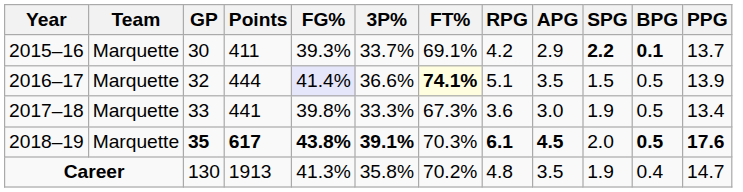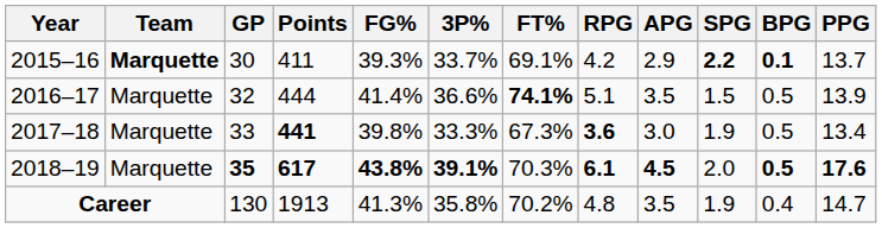 <table class="wikitable">
 <tr>
 <th>Year</th>
 <th>Team</th>
 <th>GP</th>
 <th>Points</th>
 <th>FG%</th>
 <th>3P%</th>
 <th>FT%</th>
 <th>RPG</th>
 <th>APG</th>
 <th>SPG</th>
 <th>BPG</th>
 <th>PPG</th>
 </tr>
 <tr>
 <td>2015–16</td>
-<td>Marquette</td>
+<td><strong>Marquette</strong></td>
 <td>30</td>
 <td>411</td>
 <td>39.3%</td>
 <td>33.7%</td>
 <td>69.1%</td>
 <td>4.2</td>
 <td>2.9</td>
 <td><strong>2.2</strong></td>
 <td><strong>0.1</strong></td>
 <td>13.7</td>
 </tr>
 <tr>
 <td>2016–17</td>
 <td>Marquette</td>
 <td>32</td>
 <td>444</td>
-<td style="background: lavender;">41.4%</td>
+<td>41.4%</td>
 <td>36.6%</td>
-<td style="background: lightyellow;"><strong>74.1%</strong></td>
+<td><strong>74.1%</strong></td>
 <td>5.1</td>
 <td>3.5</td>
 <td>1.5</td>
 <td>0.5</td>
 <td>13.9</td>
 </tr>
 <tr>
 <td>2017–18</td>
 <td>Marquette</td>
 <td>33</td>
-<td>441</td>
+<td><strong>441</strong></td>
 <td>39.8%</td>
 <td>33.3%</td>
 <td>67.3%</td>
-<td>3.6</td>
+<td><strong>3.6</strong></td>
 <td>3.0</td>
 <td>1.9</td>
 <td>0.5</td>
 <td>13.4</td>
 </tr>
 <tr>
 <td>2018–19</td>
 <td>Marquette</td>
 <td><strong>35</strong></td>
 <td><strong>617</strong></td>
 <td><strong>43.8%</strong></td>
 <td><strong>39.1%</strong></td>
 <td>70.3%</td>
 <td><strong>6.1</strong></td>
 <td><strong>4.5</strong></td>
 <td>2.0</td>
 <td><strong>0.5</strong></td>
 <td><strong>17.6</strong></td>
 </tr>
 <tr class="sortbottom">
 <td colspan=2 align="center"><strong>Career</strong></td>
 <td>130</td>
 <td>1913</td>
 <td>41.3%</td>
 <td>35.8%</td>
 <td>70.2%</td>
 <td>4.8</td>
 <td>3.5</td>
 <td>1.9</td>
 <td>0.4</td>
 <td>14.7</td>
 </tr>
 </table>
